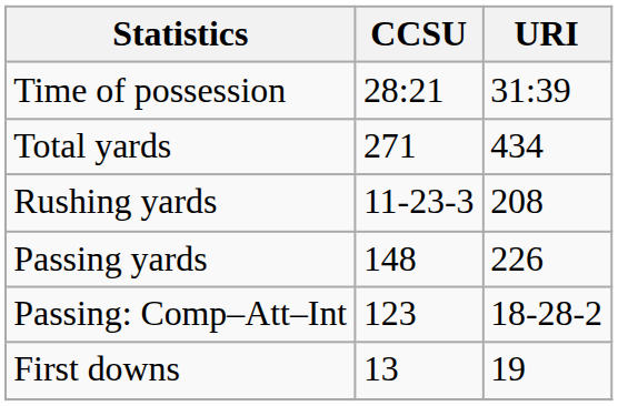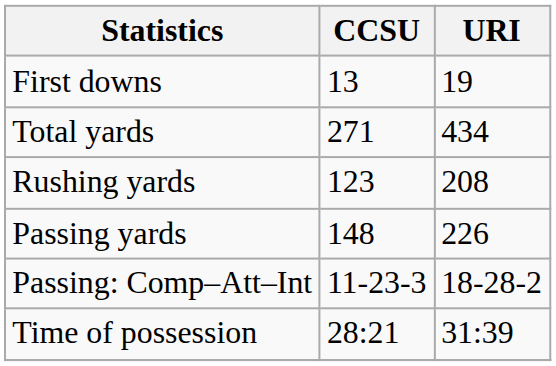 <table class="wikitable" style="float: left;">
 <tr>
 <th>Statistics</th>
 <th>CCSU</th>
 <th>URI</th>
 </tr>
 <tr>
-<td>Time of possession</td>
-<td>28:21</td>
-<td>31:39</td>
+<td>First downs</td>
+<td>13</td>
+<td>19</td>
 </tr>
 <tr>
 <td>Total yards</td>
 <td>271</td>
 <td>434</td>
 </tr>
 <tr>
 <td>Rushing yards</td>
-<td>11-23-3</td>
+<td>123</td>
 <td>208</td>
 </tr>
 <tr>
 <td>Passing yards</td>
 <td>148</td>
 <td>226</td>
 </tr>
 <tr>
 <td>Passing: Comp–Att–Int</td>
-<td>123</td>
+<td>11-23-3</td>
 <td>18-28-2</td>
 </tr>
 <tr>
-<td>First downs</td>
-<td>13</td>
-<td>19</td>
+<td>Time of possession</td>
+<td>28:21</td>
+<td>31:39</td>
 </tr>
 <tr>
 </tr>
 </table>
